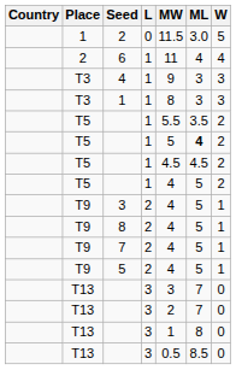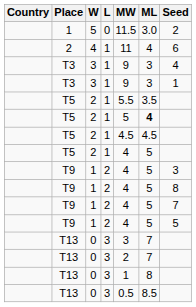 <table class="wikitable sortable" style="text-align:center">
 <tr>
 <th>Country</th>
 <th>Place</th>
-<th>Seed</th>
+<th>W</th>
 <th>L</th>
 <th>MW</th>
 <th>ML</th>
-<th>W</th>
+<th>Seed</th>
 </tr>
 <tr>
 <td align=left></td>
 <td>1</td>
-<td>2</td>
+<td>5</td>
 <td>0</td>
 <td>11.5</td>
 <td>3.0</td>
-<td>5</td>
+<td>2</td>
 </tr>
 <tr>
 <td align=left></td>
 <td>2</td>
-<td>6</td>
+<td>4</td>
 <td>1</td>
 <td>11</td>
 <td>4</td>
+<td>6</td>
+</tr>
+<tr>
+<td align=left></td>
+<td>T3</td>
+<td>3</td>
+<td>1</td>
+<td>9</td>
+<td>3</td>
 <td>4</td>
 </tr>
 <tr>
 <td align=left></td>
 <td>T3</td>
-<td>4</td>
+<td>3</td>
 <td>1</td>
 <td>9</td>
 <td>3</td>
+<td>1</td>
+</tr>
+<tr>
+<td align=left></td>
+<td>T5</td>
+<td>2</td>
+<td>1</td>
+<td>5.5</td>
+<td>3.5</td>
+<td></td>
+</tr>
+<tr>
+<td align=left></td>
+<td>T5</td>
+<td>2</td>
+<td>1</td>
+<td>5</td>
+<td><strong>4</strong></td>
+<td></td>
+</tr>
+<tr>
+<td align=left></td>
+<td>T5</td>
+<td>2</td>
+<td>1</td>
+<td>4.5</td>
+<td>4.5</td>
+<td></td>
+</tr>
+<tr>
+<td align=left></td>
+<td>T5</td>
+<td>2</td>
+<td>1</td>
+<td>4</td>
+<td>5</td>
+<td></td>
+</tr>
+<tr>
+<td align=left></td>
+<td>T9</td>
+<td>1</td>
+<td>2</td>
+<td>4</td>
+<td>5</td>
 <td>3</td>
 </tr>
 <tr>
 <td align=left></td>
-<td>T3</td>
+<td>T9</td>
 <td>1</td>
-<td>1</td>
-<td>8</td>
-<td>3</td>
-<td>3</td>
-</tr>
-<tr>
-<td align=left></td>
-<td>T5</td>
-<td></td>
-<td>1</td>
-<td>5.5</td>
-<td>3.5</td>
 <td>2</td>
-</tr>
-<tr>
-<td align=left></td>
-<td>T5</td>
-<td></td>
-<td>1</td>
-<td>5</td>
-<td><strong>4</strong></td>
-<td>2</td>
-</tr>
-<tr>
-<td align=left></td>
-<td>T5</td>
-<td></td>
-<td>1</td>
-<td>4.5</td>
-<td>4.5</td>
-<td>2</td>
-</tr>
-<tr>
-<td align=left></td>
-<td>T5</td>
-<td></td>
-<td>1</td>
 <td>4</td>
 <td>5</td>
-<td>2</td>
+<td>8</td>
 </tr>
 <tr>
 <td align=left></td>
 <td>T9</td>
-<td>3</td>
+<td>1</td>
 <td>2</td>
 <td>4</td>
 <td>5</td>
-<td>1</td>
+<td>7</td>
 </tr>
 <tr>
 <td align=left></td>
 <td>T9</td>
-<td>8</td>
+<td>1</td>
 <td>2</td>
 <td>4</td>
 <td>5</td>
-<td>1</td>
-</tr>
-<tr>
-<td align=left></td>
-<td>T9</td>
-<td>7</td>
-<td>2</td>
-<td>4</td>
 <td>5</td>
-<td>1</td>
-</tr>
-<tr>
-<td align=left></td>
-<td>T9</td>
-<td>5</td>
-<td>2</td>
-<td>4</td>
-<td>5</td>
-<td>1</td>
 </tr>
 <tr>
 <td align=left></td>
 <td>T13</td>
-<td></td>
+<td>0</td>
 <td>3</td>
 <td>3</td>
 <td>7</td>
-<td>0</td>
+<td></td>
 </tr>
 <tr>
 <td align=left></td>
 <td>T13</td>
-<td></td>
+<td>0</td>
 <td>3</td>
 <td>2</td>
 <td>7</td>
-<td>0</td>
+<td></td>
 </tr>
 <tr>
 <td align=left></td>
 <td>T13</td>
-<td></td>
+<td>0</td>
 <td>3</td>
 <td>1</td>
 <td>8</td>
-<td>0</td>
+<td></td>
 </tr>
 <tr>
 <td align=left></td>
 <td>T13</td>
-<td></td>
+<td>0</td>
 <td>3</td>
 <td>0.5</td>
 <td>8.5</td>
-<td>0</td>
+<td></td>
 </tr>
 </table>
